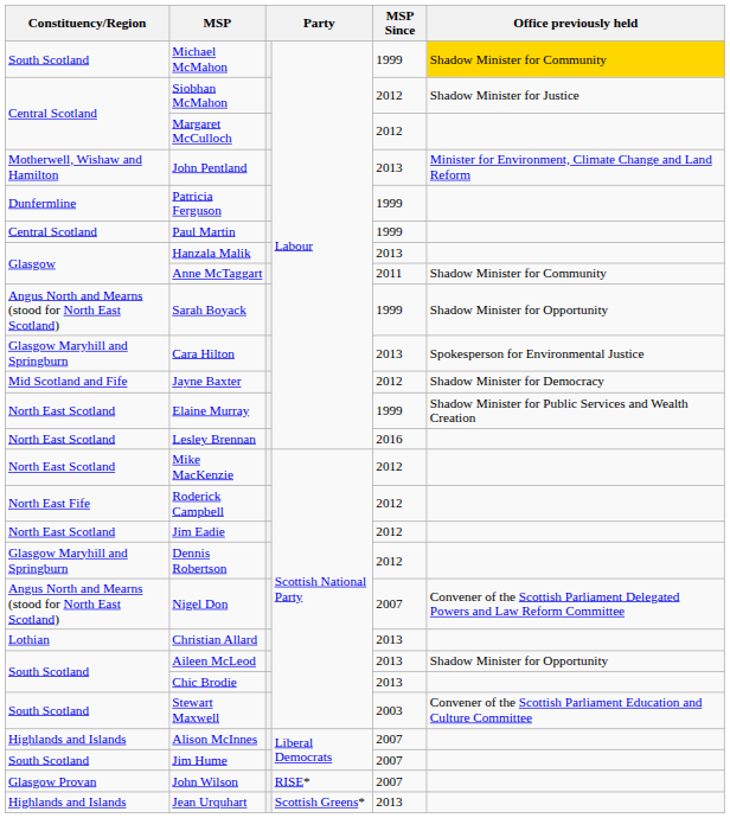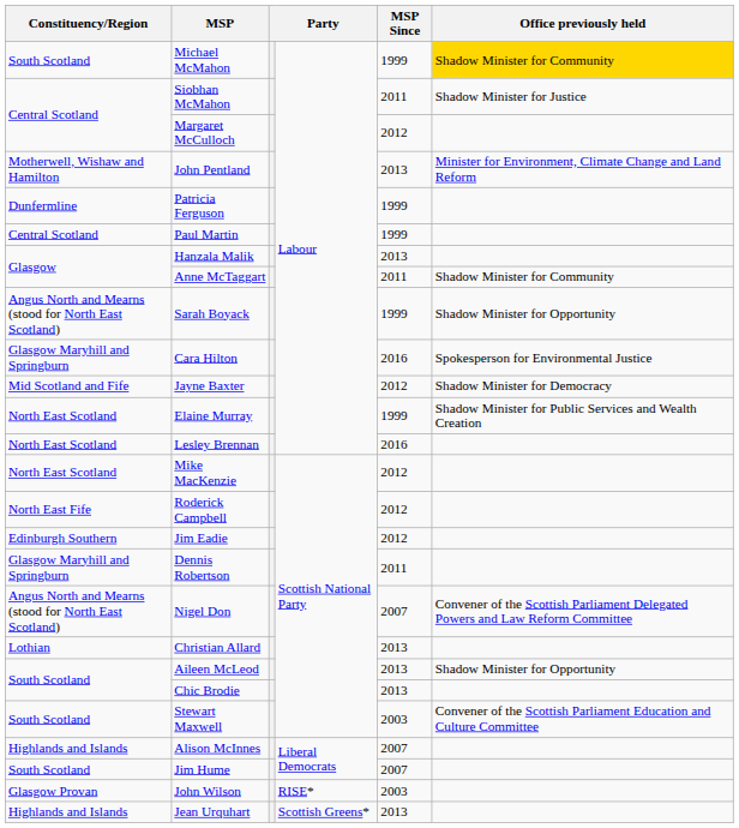 <table class="wikitable">
 <tr>
 <th>Constituency/Region</th>
 <th>MSP</th>
 <th colspan="2">Party</th>
 <th>MSP Since</th>
 <th>Office previously held</th>
 </tr>
 <tr>
 <td><a href='#'>South Scotland</a></td>
 <td><a href='#'>Michael McMahon</a></td>
 <th style="background-color: "></th>
 <td rowspan="13"><a href='#'>Labour</a></td>
 <td>1999</td>
 <td style="background: gold;">Shadow Minister for Community</td>
 </tr>
 <tr>
 <td rowspan="2"><a href='#'>Central Scotland</a></td>
 <td><a href='#'>Siobhan McMahon</a></td>
 <th style="background-color: "></th>
-<td>2012</td>
+<td>2011</td>
 <td>Shadow Minister for Justice</td>
 </tr>
 <tr>
 <td><a href='#'>Margaret McCulloch</a></td>
 <th style="background-color: "></th>
 <td>2012</td>
 <td></td>
 </tr>
 <tr>
 <td><a href='#'>Motherwell, Wishaw and Hamilton</a></td>
 <td><a href='#'>John Pentland</a></td>
 <th style="background-color: "></th>
 <td>2013</td>
 <td><a href='#'>Minister for Environment, Climate Change and Land Reform</a></td>
 </tr>
 <tr>
 <td><a href='#'>Dunfermline</a></td>
 <td><a href='#'>Patricia Ferguson</a></td>
 <th style="background-color: "></th>
 <td>1999</td>
 <td></td>
 </tr>
 <tr>
 <td><a href='#'>Central Scotland</a></td>
 <td><a href='#'>Paul Martin</a></td>
 <th style="background-color: "></th>
 <td>1999</td>
 <td></td>
 </tr>
 <tr>
 <td rowspan="2"><a href='#'>Glasgow</a></td>
 <td><a href='#'>Hanzala Malik</a></td>
 <th style="background-color: "></th>
 <td>2013</td>
 <td></td>
 </tr>
 <tr>
 <td><a href='#'>Anne McTaggart</a></td>
 <th style="background-color: "></th>
 <td>2011</td>
 <td>Shadow Minister for Community</td>
 </tr>
 <tr>
 <td><a href='#'>Angus North and Mearns</a><br>(stood for <a href='#'>North East Scotland</a>)</td>
 <td><a href='#'>Sarah Boyack</a></td>
 <th style="background-color: "></th>
 <td>1999</td>
 <td>Shadow Minister for Opportunity</td>
 </tr>
 <tr>
 <td><a href='#'>Glasgow Maryhill and Springburn</a></td>
 <td><a href='#'>Cara Hilton</a></td>
 <th style="background-color: "></th>
-<td>2013</td>
+<td>2016</td>
 <td>Spokesperson for Environmental Justice</td>
 </tr>
 <tr>
 <td><a href='#'>Mid Scotland and Fife</a></td>
 <td><a href='#'>Jayne Baxter</a></td>
 <th style="background-color: "></th>
 <td>2012</td>
 <td>Shadow Minister for Democracy</td>
 </tr>
 <tr>
 <td><a href='#'>North East Scotland</a></td>
 <td><a href='#'>Elaine Murray</a></td>
 <th style="background-color: "></th>
 <td>1999</td>
 <td>Shadow Minister for Public Services and Wealth Creation</td>
 </tr>
 <tr>
 <td><a href='#'>North East Scotland</a></td>
 <td><a href='#'>Lesley Brennan</a></td>
 <th style="background-color: "></th>
 <td>2016</td>
 <td></td>
 </tr>
 <tr>
 <td><a href='#'>North East Scotland</a></td>
 <td><a href='#'>Mike MacKenzie</a></td>
 <th style="background-color: "></th>
 <td rowspan="9"><a href='#'>Scottish National Party</a></td>
 <td>2012</td>
 <td></td>
 </tr>
 <tr>
 <td><a href='#'>North East Fife</a></td>
 <td><a href='#'>Roderick Campbell</a></td>
 <th style="background-color: "></th>
 <td>2012</td>
 <td></td>
 </tr>
 <tr>
-<td><a href='#'>North East Scotland</a></td>
+<td><a href='#'>Edinburgh Southern</a></td>
 <td><a href='#'>Jim Eadie</a></td>
 <th style="background-color: "></th>
 <td>2012</td>
 <td></td>
 </tr>
 <tr>
 <td><a href='#'>Glasgow Maryhill and Springburn</a></td>
 <td><a href='#'>Dennis Robertson</a></td>
 <th style="background-color: "></th>
-<td>2012</td>
+<td>2011</td>
 <td></td>
 </tr>
 <tr>
 <td><a href='#'>Angus North and Mearns</a><br>(stood for <a href='#'>North East Scotland</a>)</td>
 <td><a href='#'>Nigel Don</a></td>
 <th style="background-color: "></th>
 <td>2007</td>
 <td>Convener of the <a href='#'>Scottish Parliament Delegated Powers and Law Reform Committee</a></td>
 </tr>
 <tr>
 <td><a href='#'>Lothian</a></td>
 <td><a href='#'>Christian Allard</a></td>
 <th style="background-color: "></th>
 <td>2013</td>
 <td></td>
 </tr>
 <tr>
 <td rowspan="2"><a href='#'>South Scotland</a></td>
 <td><a href='#'>Aileen McLeod</a></td>
 <th style="background-color: "></th>
 <td>2013</td>
 <td>Shadow Minister for Opportunity</td>
 </tr>
 <tr>
 <td><a href='#'>Chic Brodie</a></td>
 <th style="background-color: "></th>
 <td>2013</td>
 <td></td>
 </tr>
 <tr>
 <td><a href='#'>South Scotland</a></td>
 <td><a href='#'>Stewart Maxwell</a></td>
 <th style="background-color: "></th>
 <td>2003</td>
 <td>Convener of the <a href='#'>Scottish Parliament Education and Culture Committee</a></td>
 </tr>
 <tr>
 <td><a href='#'>Highlands and Islands</a></td>
 <td><a href='#'>Alison McInnes</a></td>
 <th style="background-color: "></th>
 <td rowspan="2"><a href='#'>Liberal Democrats</a></td>
 <td>2007</td>
 <td></td>
 </tr>
 <tr>
 <td><a href='#'>South Scotland</a></td>
 <td><a href='#'>Jim Hume</a></td>
 <th style="background-color: "></th>
 <td>2007</td>
 <td></td>
 </tr>
 <tr>
 <td><a href='#'>Glasgow Provan</a></td>
 <td><a href='#'>John Wilson</a></td>
 <th style="background-color: "></th>
 <td><a href='#'>RISE</a>*</td>
-<td>2007</td>
+<td>2003</td>
 <td></td>
 </tr>
 <tr>
 <td><a href='#'>Highlands and Islands</a></td>
 <td><a href='#'>Jean Urquhart</a></td>
 <th style="background-color: "></th>
 <td><a href='#'>Scottish Greens</a>*</td>
 <td>2013</td>
 <td></td>
 </tr>
 </table>
